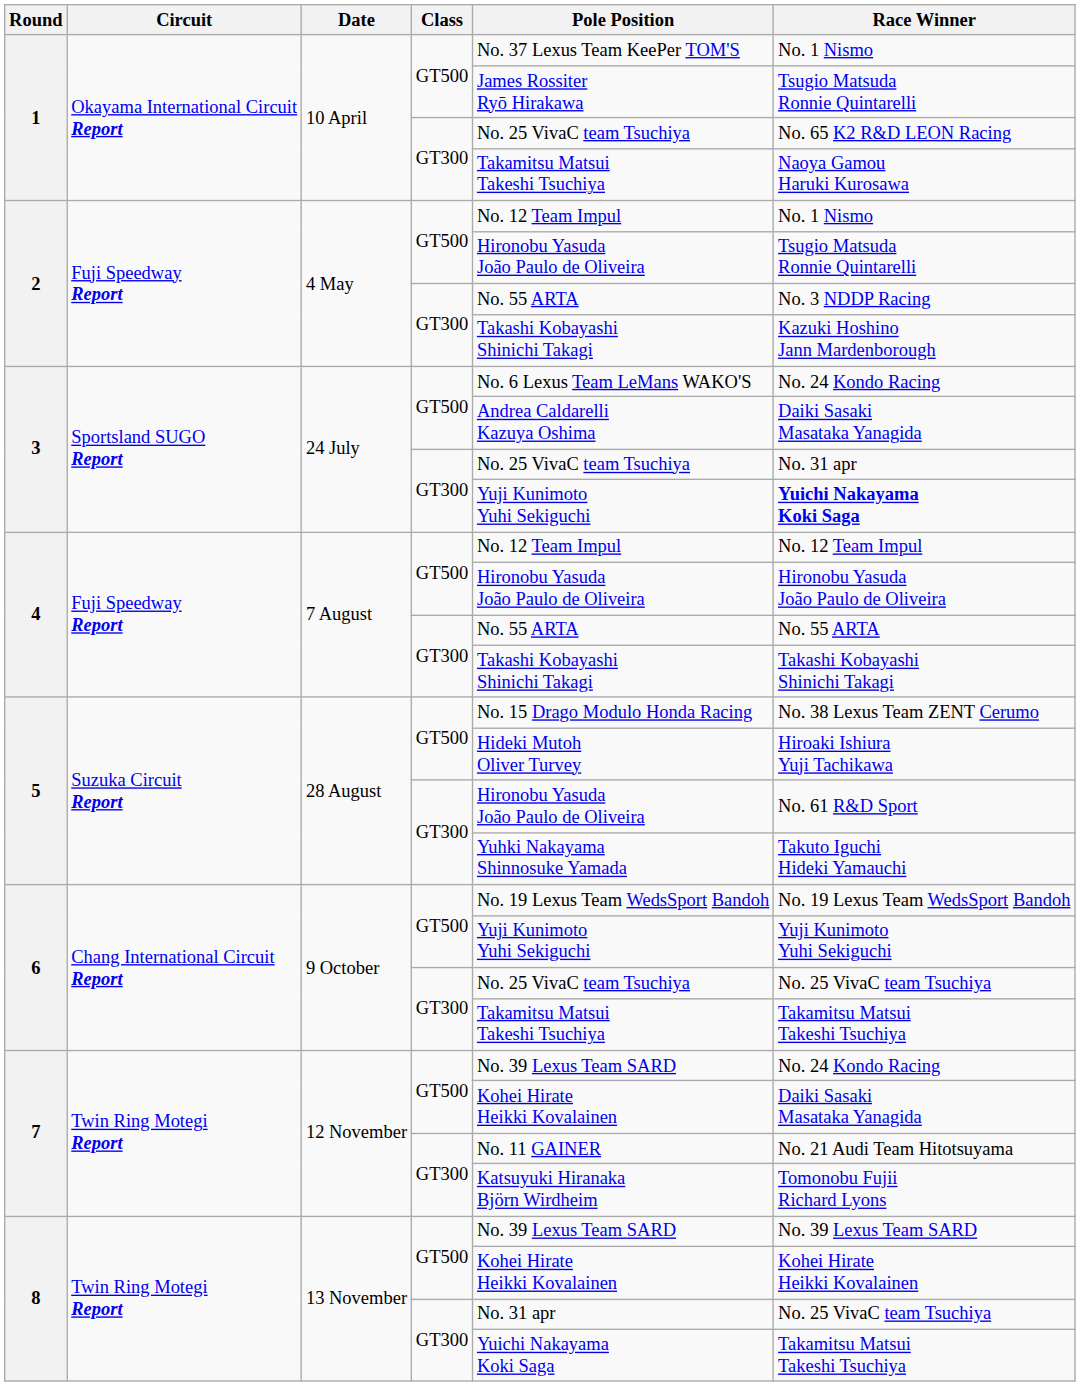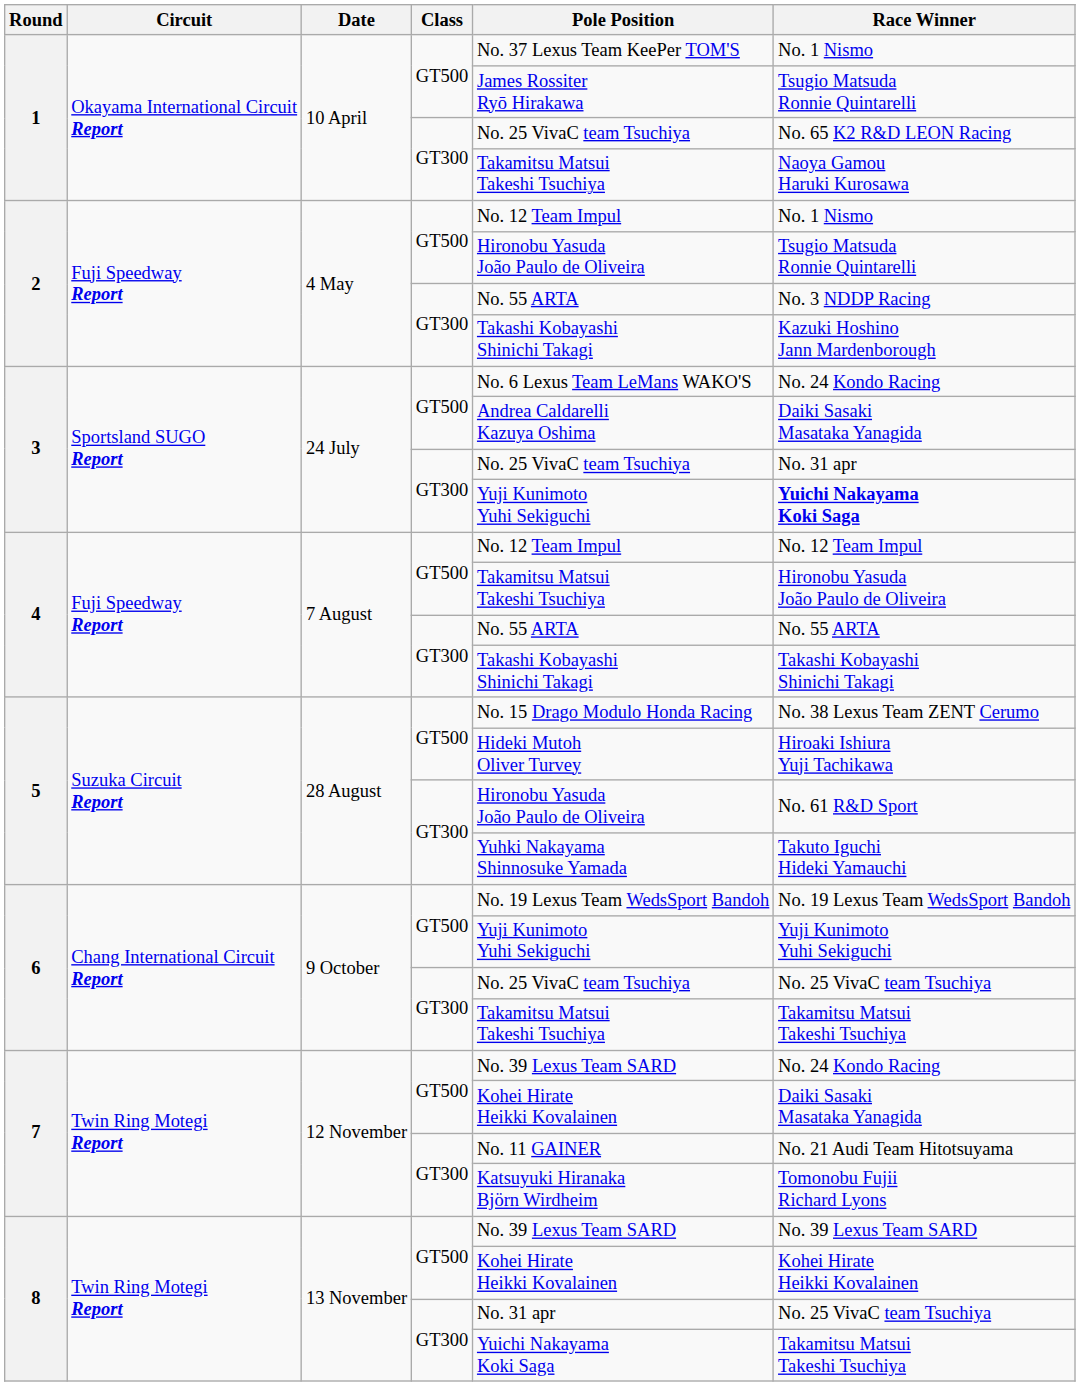 <table class="wikitable" style="font-size: 85%;">
 <tr>
 <th>Round</th>
 <th>Circuit</th>
 <th>Date</th>
 <th>Class</th>
 <th>Pole Position</th>
 <th>Race Winner</th>
 </tr>
 <tr>
 <th rowspan=4>1</th>
 <td rowspan=4> <a href='#'>Okayama International Circuit</a><br><strong><em><a href='#'>Report</a></em></strong></td>
 <td rowspan=4>10 April</td>
 <td align=center rowspan=2>GT500</td>
 <td>No. 37 Lexus Team KeePer <a href='#'>TOM'S</a></td>
 <td>No. 1 <a href='#'>Nismo</a></td>
 </tr>
 <tr>
 <td> <a href='#'>James Rossiter</a><br> <a href='#'>Ryō Hirakawa</a></td>
 <td> <a href='#'>Tsugio Matsuda</a><br> <a href='#'>Ronnie Quintarelli</a></td>
 </tr>
 <tr>
 <td align=center rowspan=2>GT300</td>
 <td>No. 25 VivaC <a href='#'>team Tsuchiya</a></td>
 <td>No. 65 <a href='#'>K2 R&D LEON Racing</a></td>
 </tr>
 <tr>
 <td> <a href='#'>Takamitsu Matsui</a><br> <a href='#'>Takeshi Tsuchiya</a></td>
 <td> <a href='#'>Naoya Gamou</a><br> <a href='#'>Haruki Kurosawa</a></td>
 </tr>
 <tr>
 <th rowspan=4>2</th>
 <td rowspan=4> <a href='#'>Fuji Speedway</a><br><strong><em><a href='#'>Report</a></em></strong></td>
 <td rowspan=4>4 May</td>
 <td align=center rowspan=2>GT500</td>
 <td>No. 12 <a href='#'>Team Impul</a></td>
 <td>No. 1 <a href='#'>Nismo</a></td>
 </tr>
 <tr>
 <td> <a href='#'>Hironobu Yasuda</a><br> <a href='#'>João Paulo de Oliveira</a></td>
 <td> <a href='#'>Tsugio Matsuda</a><br> <a href='#'>Ronnie Quintarelli</a></td>
 </tr>
 <tr>
 <td align=center rowspan=2>GT300</td>
 <td>No. 55 <a href='#'>ARTA</a></td>
 <td>No. 3 <a href='#'>NDDP Racing</a></td>
 </tr>
 <tr>
 <td> <a href='#'>Takashi Kobayashi</a><br> <a href='#'>Shinichi Takagi</a></td>
 <td> <a href='#'>Kazuki Hoshino</a><br> <a href='#'>Jann Mardenborough</a></td>
 </tr>
 <tr>
 <th rowspan=4>3</th>
 <td rowspan=4> <a href='#'>Sportsland SUGO</a><br><strong><em><a href='#'>Report</a></em></strong></td>
 <td rowspan=4>24 July</td>
 <td align=center rowspan=2>GT500</td>
 <td>No. 6 Lexus <a href='#'>Team LeMans</a> WAKO'S</td>
 <td>No. 24 <a href='#'>Kondo Racing</a></td>
 </tr>
 <tr>
 <td> <a href='#'>Andrea Caldarelli</a><br> <a href='#'>Kazuya Oshima</a></td>
 <td> <a href='#'>Daiki Sasaki</a><br> <a href='#'>Masataka Yanagida</a></td>
 </tr>
 <tr>
 <td align=center rowspan=2>GT300</td>
 <td>No. 25 VivaC <a href='#'>team Tsuchiya</a></td>
 <td>No. 31 apr</td>
 </tr>
 <tr>
 <td> <a href='#'>Yuji Kunimoto</a><br> <a href='#'>Yuhi Sekiguchi</a></td>
 <td><strong> <a href='#'>Yuichi Nakayama</a><br> <a href='#'>Koki Saga</a></strong></td>
 </tr>
 <tr>
 <th rowspan=4>4</th>
 <td rowspan=4> <a href='#'>Fuji Speedway</a><br><strong><em><a href='#'>Report</a></em></strong></td>
 <td rowspan=4>7 August</td>
 <td align=center rowspan=2>GT500</td>
 <td>No. 12 <a href='#'>Team Impul</a></td>
 <td>No. 12 <a href='#'>Team Impul</a></td>
 </tr>
 <tr>
-<td> <a href='#'>Hironobu Yasuda</a><br> <a href='#'>João Paulo de Oliveira</a></td>
+<td> <a href='#'>Takamitsu Matsui</a><br> <a href='#'>Takeshi Tsuchiya</a></td>
 <td> <a href='#'>Hironobu Yasuda</a><br> <a href='#'>João Paulo de Oliveira</a></td>
 </tr>
 <tr>
 <td align=center rowspan=2>GT300</td>
 <td>No. 55 <a href='#'>ARTA</a></td>
 <td>No. 55 <a href='#'>ARTA</a></td>
 </tr>
 <tr>
 <td> <a href='#'>Takashi Kobayashi</a><br> <a href='#'>Shinichi Takagi</a></td>
 <td> <a href='#'>Takashi Kobayashi</a><br> <a href='#'>Shinichi Takagi</a></td>
 </tr>
 <tr>
 <th rowspan=4>5</th>
 <td rowspan=4> <a href='#'>Suzuka Circuit</a><br><strong><em><a href='#'>Report</a></em></strong></td>
 <td rowspan=4>28 August</td>
 <td align=center rowspan=2>GT500</td>
 <td>No. 15 <a href='#'>Drago Modulo Honda Racing</a></td>
 <td>No. 38 Lexus Team ZENT <a href='#'>Cerumo</a></td>
 </tr>
 <tr>
 <td> <a href='#'>Hideki Mutoh</a><br> <a href='#'>Oliver Turvey</a></td>
 <td> <a href='#'>Hiroaki Ishiura</a><br> <a href='#'>Yuji Tachikawa</a></td>
 </tr>
 <tr>
 <td align=center rowspan=2>GT300</td>
 <td> <a href='#'>Hironobu Yasuda</a><br> <a href='#'>João Paulo de Oliveira</a></td>
 <td>No. 61 <a href='#'>R&D Sport</a></td>
 </tr>
 <tr>
 <td> <a href='#'>Yuhki Nakayama</a><br> <a href='#'>Shinnosuke Yamada</a></td>
 <td> <a href='#'>Takuto Iguchi</a><br> <a href='#'>Hideki Yamauchi</a></td>
 </tr>
 <tr>
 <th rowspan=4>6</th>
 <td rowspan=4> <a href='#'>Chang International Circuit</a><br><strong><em><a href='#'>Report</a></em></strong></td>
 <td rowspan=4>9 October</td>
 <td align=center rowspan=2>GT500</td>
 <td>No. 19 Lexus Team <a href='#'>WedsSport</a> <a href='#'>Bandoh</a></td>
 <td>No. 19 Lexus Team <a href='#'>WedsSport</a> <a href='#'>Bandoh</a></td>
 </tr>
 <tr>
 <td> <a href='#'>Yuji Kunimoto</a><br> <a href='#'>Yuhi Sekiguchi</a></td>
 <td> <a href='#'>Yuji Kunimoto</a><br> <a href='#'>Yuhi Sekiguchi</a></td>
 </tr>
 <tr>
 <td align=center rowspan=2>GT300</td>
 <td>No. 25 VivaC <a href='#'>team Tsuchiya</a></td>
 <td>No. 25 VivaC <a href='#'>team Tsuchiya</a></td>
 </tr>
 <tr>
 <td> <a href='#'>Takamitsu Matsui</a><br> <a href='#'>Takeshi Tsuchiya</a></td>
 <td> <a href='#'>Takamitsu Matsui</a><br> <a href='#'>Takeshi Tsuchiya</a></td>
 </tr>
 <tr>
 <th rowspan=4>7</th>
 <td rowspan=4> <a href='#'>Twin Ring Motegi</a><br><strong><em><a href='#'>Report</a></em></strong></td>
 <td rowspan=4>12 November</td>
 <td align=center rowspan=2>GT500</td>
 <td>No. 39 <a href='#'>Lexus Team SARD</a></td>
 <td>No. 24 <a href='#'>Kondo Racing</a></td>
 </tr>
 <tr>
 <td> <a href='#'>Kohei Hirate</a><br> <a href='#'>Heikki Kovalainen</a></td>
 <td> <a href='#'>Daiki Sasaki</a><br> <a href='#'>Masataka Yanagida</a></td>
 </tr>
 <tr>
 <td align=center rowspan=2>GT300</td>
 <td>No. 11 <a href='#'>GAINER</a></td>
 <td>No. 21 Audi Team Hitotsuyama</td>
 </tr>
 <tr>
 <td> <a href='#'>Katsuyuki Hiranaka</a><br> <a href='#'>Björn Wirdheim</a></td>
 <td> <a href='#'>Tomonobu Fujii</a><br> <a href='#'>Richard Lyons</a></td>
 </tr>
 <tr>
 <th rowspan=4>8</th>
 <td rowspan=4> <a href='#'>Twin Ring Motegi</a><br><strong><em><a href='#'>Report</a></em></strong></td>
 <td rowspan=4>13 November</td>
 <td align=center rowspan=2>GT500</td>
 <td>No. 39 <a href='#'>Lexus Team SARD</a></td>
 <td>No. 39 <a href='#'>Lexus Team SARD</a></td>
 </tr>
 <tr>
 <td> <a href='#'>Kohei Hirate</a><br> <a href='#'>Heikki Kovalainen</a></td>
 <td> <a href='#'>Kohei Hirate</a><br> <a href='#'>Heikki Kovalainen</a></td>
 </tr>
 <tr>
 <td align=center rowspan=2>GT300</td>
 <td>No. 31 apr</td>
 <td>No. 25 VivaC <a href='#'>team Tsuchiya</a></td>
 </tr>
 <tr>
 <td> <a href='#'>Yuichi Nakayama</a><br> <a href='#'>Koki Saga</a></td>
 <td> <a href='#'>Takamitsu Matsui</a><br> <a href='#'>Takeshi Tsuchiya</a></td>
 </tr>
 </table>
